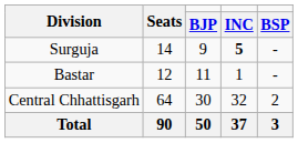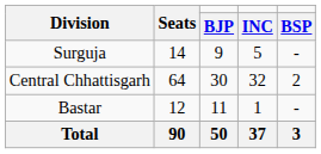 <table class="wikitable" style="text-align:center;">
 <tr>
 <th rowspan="2">Division</th>
 <th rowspan="2">Seats</th>
 <td></td>
 <td></td>
 <td></td>
 </tr>
 <tr>
 <th><a href='#'>BJP</a></th>
 <th><a href='#'>INC</a></th>
 <th><a href='#'>BSP</a></th>
 </tr>
 <tr>
 <td>Surguja</td>
 <td>14</td>
 <td>9</td>
-<td><strong>5</strong></td>
-<td>-</td>
-</tr>
-<tr>
-<td>Bastar</td>
-<td>12</td>
-<td>11</td>
-<td>1</td>
+<td>5</td>
 <td>-</td>
 </tr>
 <tr>
 <td>Central Chhattisgarh</td>
 <td>64</td>
 <td>30</td>
 <td>32</td>
 <td>2</td>
 </tr>
 <tr>
+<td>Bastar</td>
+<td>12</td>
+<td>11</td>
+<td>1</td>
+<td>-</td>
+</tr>
+<tr>
 <th>Total</th>
 <th>90</th>
 <th>50</th>
 <th>37</th>
 <th>3</th>
 </tr>
 </table>
